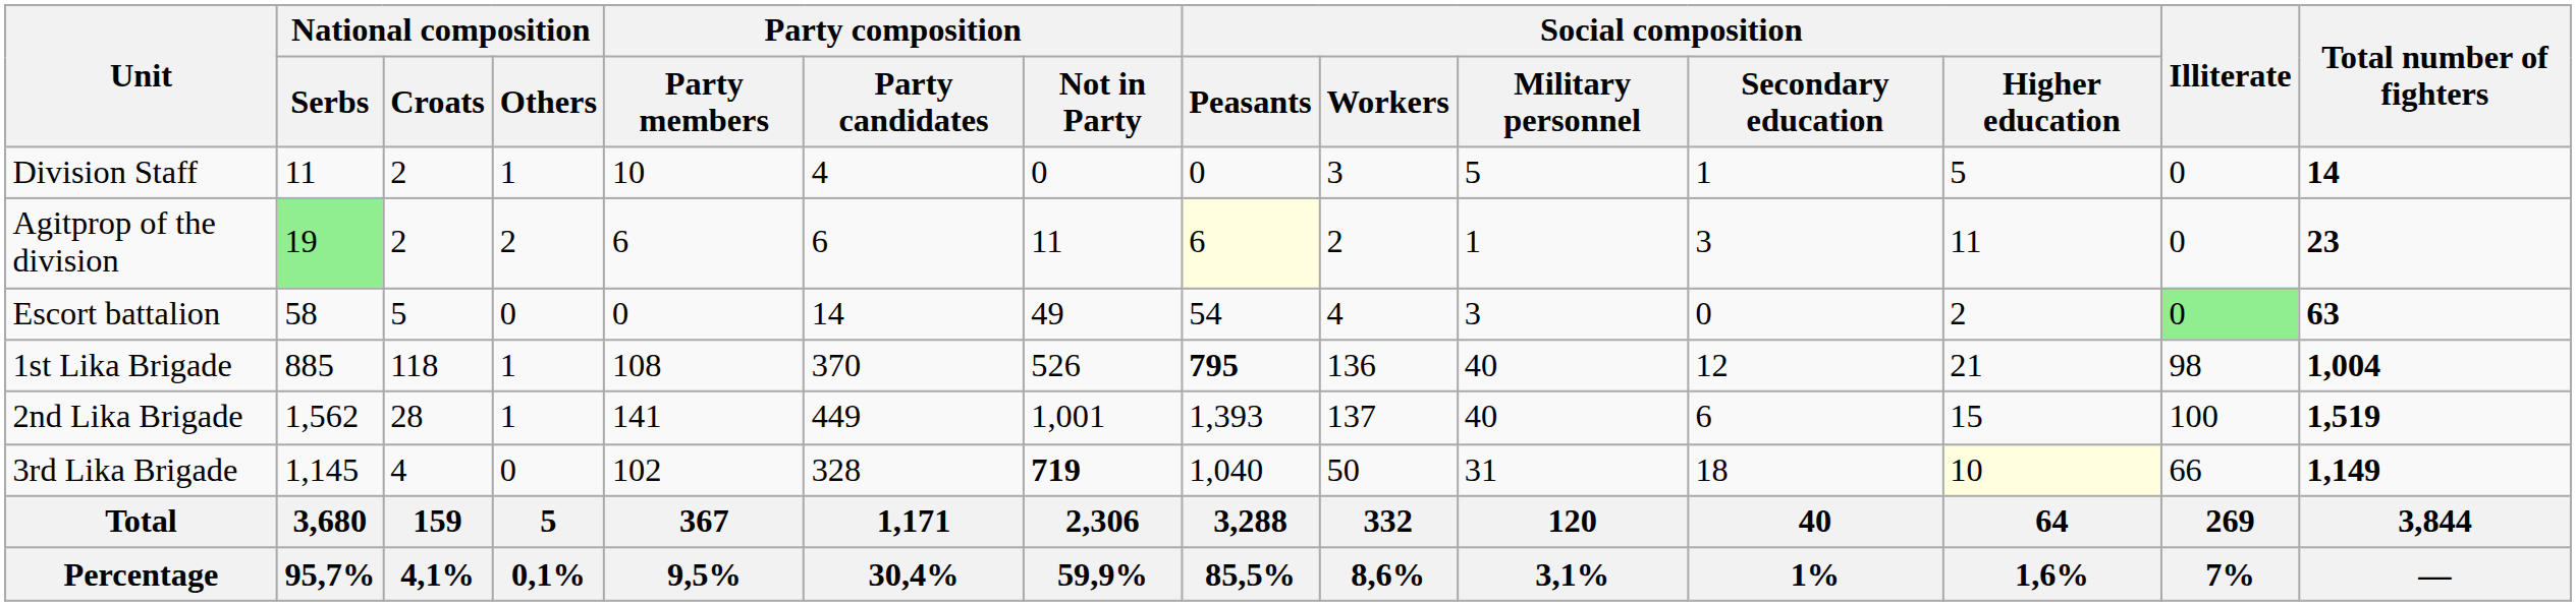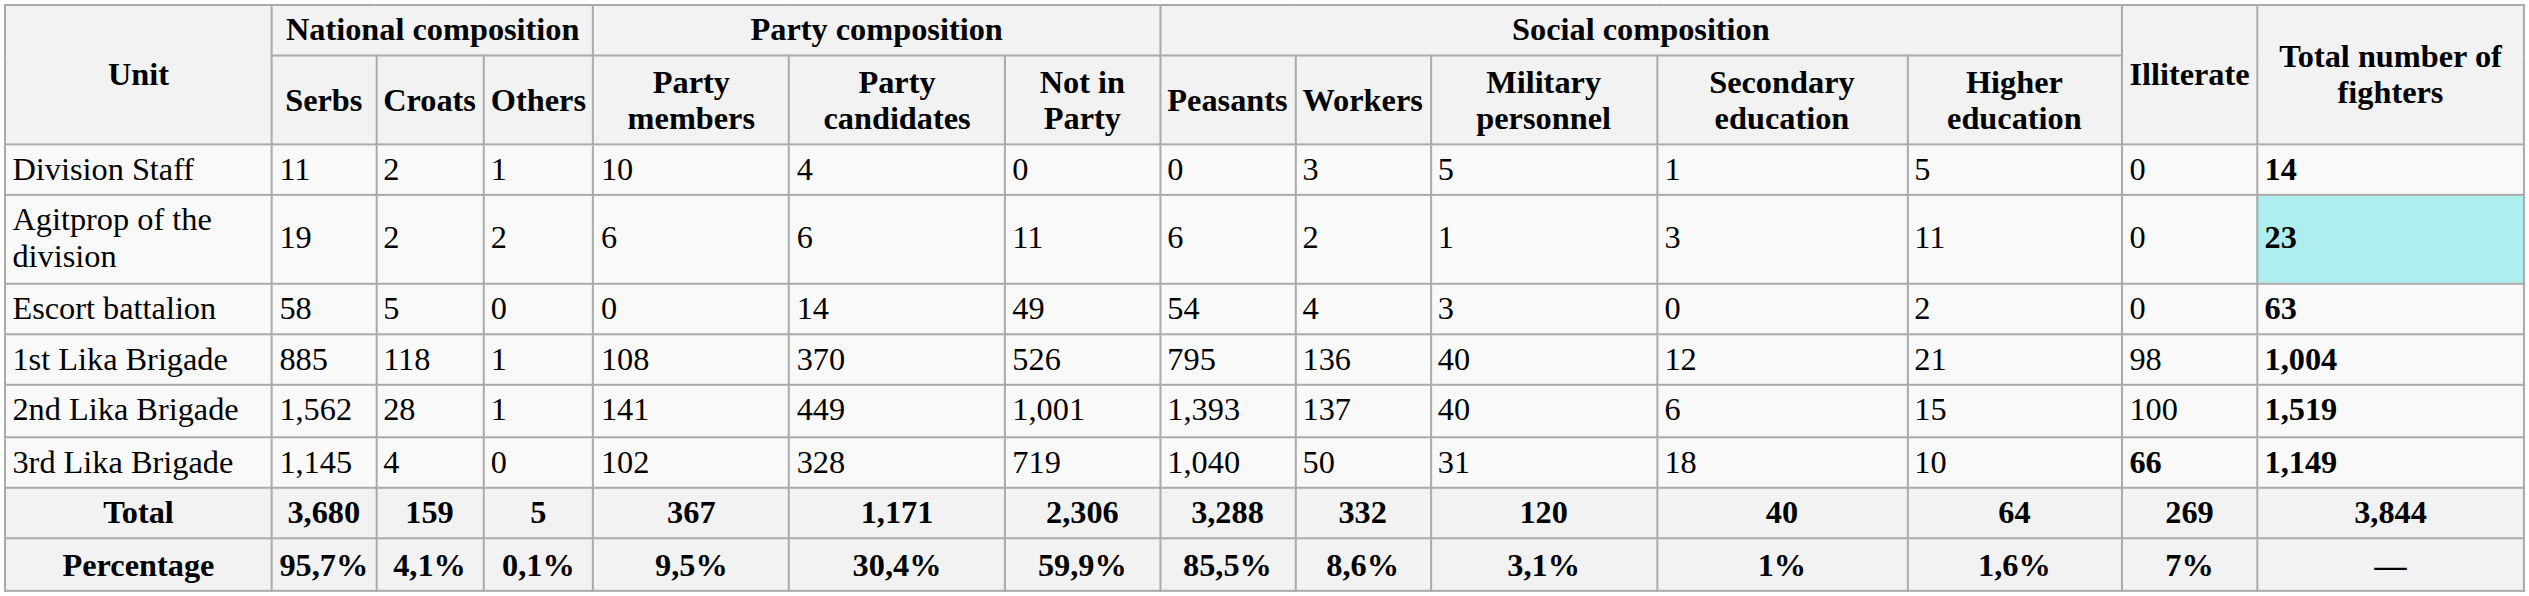 <table class="wikitable">
 <tr>
 <th rowspan="2">Unit</th>
 <th colspan="3">National composition</th>
 <th colspan="3">Party composition</th>
 <th colspan="5">Social composition</th>
 <th rowspan="2">Illiterate</th>
 <th rowspan="2">Total number of fighters</th>
 </tr>
 <tr>
 <th>Serbs</th>
 <th>Croats</th>
 <th>Others</th>
 <th>Party members</th>
 <th>Party candidates</th>
 <th>Not in Party</th>
 <th>Peasants</th>
 <th>Workers</th>
 <th>Military personnel</th>
 <th>Secondary education</th>
 <th>Higher education</th>
 </tr>
 <tr>
 <td>Division Staff</td>
 <td>11</td>
 <td>2</td>
 <td>1</td>
 <td>10</td>
 <td>4</td>
 <td>0</td>
 <td>0</td>
 <td>3</td>
 <td>5</td>
 <td>1</td>
 <td>5</td>
 <td>0</td>
 <td><strong>14</strong></td>
 </tr>
 <tr>
 <td>Agitprop of the division</td>
-<td style="background: lightgreen;">19</td>
+<td>19</td>
 <td>2</td>
 <td>2</td>
 <td>6</td>
 <td>6</td>
 <td>11</td>
-<td style="background: lightyellow;">6</td>
+<td>6</td>
 <td>2</td>
 <td>1</td>
 <td>3</td>
 <td>11</td>
 <td>0</td>
-<td><strong>23</strong></td>
+<td style="background: paleturquoise;"><strong>23</strong></td>
 </tr>
 <tr>
 <td>Escort battalion</td>
 <td>58</td>
 <td>5</td>
 <td>0</td>
 <td>0</td>
 <td>14</td>
 <td>49</td>
 <td>54</td>
 <td>4</td>
 <td>3</td>
 <td>0</td>
 <td>2</td>
-<td style="background: lightgreen;">0</td>
+<td>0</td>
 <td><strong>63</strong></td>
 </tr>
 <tr>
 <td>1st Lika Brigade</td>
 <td>885</td>
 <td>118</td>
 <td>1</td>
 <td>108</td>
 <td>370</td>
 <td>526</td>
-<td><strong>795</strong></td>
+<td>795</td>
 <td>136</td>
 <td>40</td>
 <td>12</td>
 <td>21</td>
 <td>98</td>
 <td><strong>1,004</strong></td>
 </tr>
 <tr>
 <td>2nd Lika Brigade</td>
 <td>1,562</td>
 <td>28</td>
 <td>1</td>
 <td>141</td>
 <td>449</td>
 <td>1,001</td>
 <td>1,393</td>
 <td>137</td>
 <td>40</td>
 <td>6</td>
 <td>15</td>
 <td>100</td>
 <td><strong>1,519</strong></td>
 </tr>
 <tr>
 <td>3rd Lika Brigade</td>
 <td>1,145</td>
 <td>4</td>
 <td>0</td>
 <td>102</td>
 <td>328</td>
-<td><strong>719</strong></td>
+<td>719</td>
 <td>1,040</td>
 <td>50</td>
 <td>31</td>
 <td>18</td>
-<td style="background: lightyellow;">10</td>
-<td>66</td>
+<td>10</td>
+<td><strong>66</strong></td>
 <td><strong>1,149</strong></td>
 </tr>
 <tr>
 <th>Total</th>
 <th>3,680</th>
 <th>159</th>
 <th>5</th>
 <th>367</th>
 <th>1,171</th>
 <th>2,306</th>
 <th>3,288</th>
 <th>332</th>
 <th>120</th>
 <th>40</th>
 <th>64</th>
 <th>269</th>
 <th>3,844</th>
 </tr>
 <tr>
 <th>Percentage</th>
 <th>95,7%</th>
 <th>4,1%</th>
 <th>0,1%</th>
 <th>9,5%</th>
 <th>30,4%</th>
 <th>59,9%</th>
 <th>85,5%</th>
 <th>8,6%</th>
 <th>3,1%</th>
 <th>1%</th>
 <th>1,6%</th>
 <th>7%</th>
 <th>—</th>
 </tr>
 </table>
